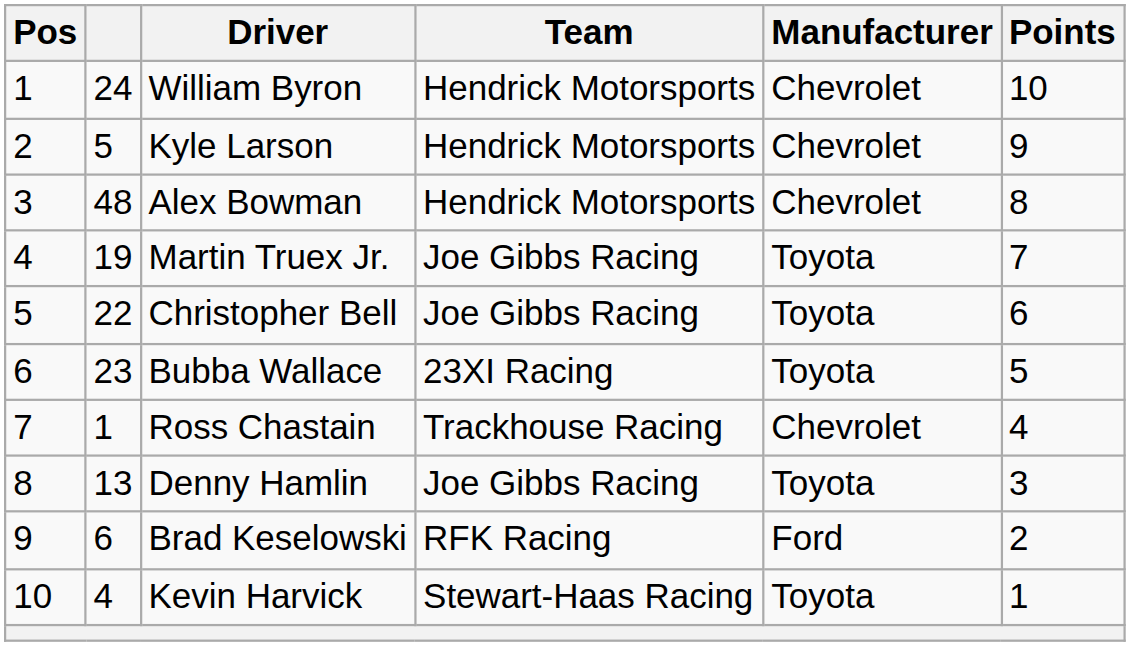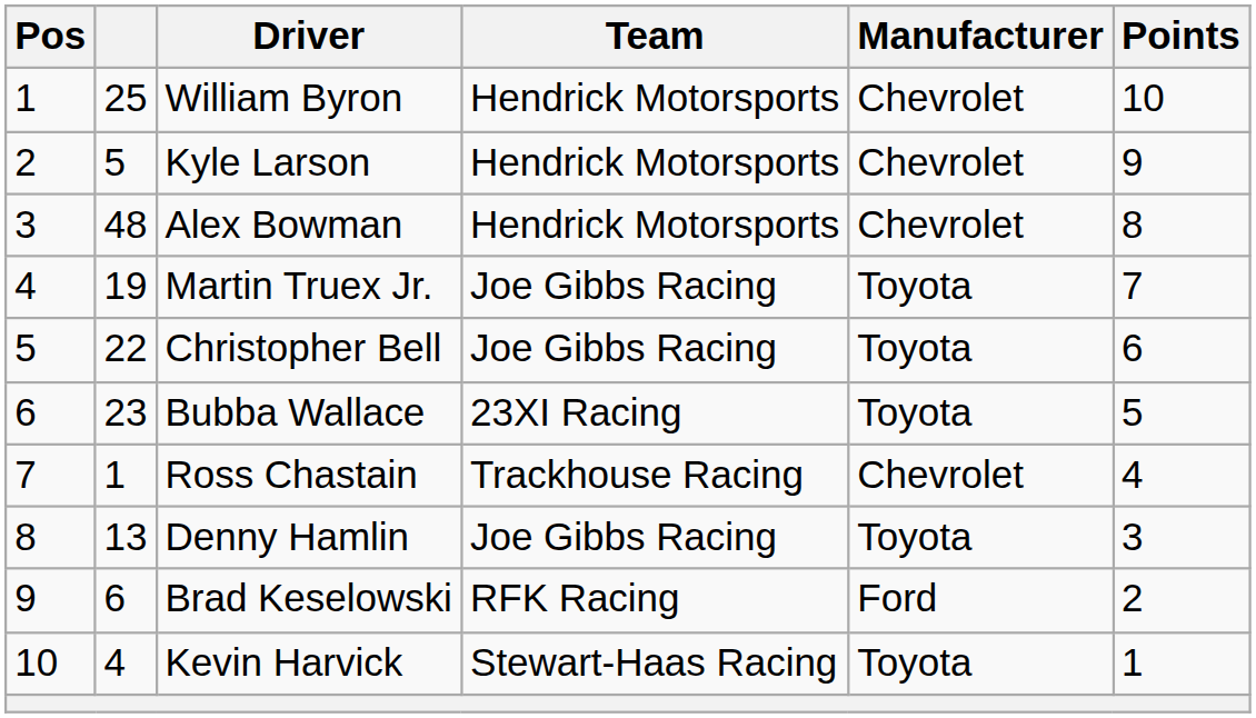 <table class="wikitable" style="font-size:98%">
 <tr>
 <th>Pos</th>
 <th></th>
 <th>Driver</th>
 <th>Team</th>
 <th>Manufacturer</th>
 <th>Points</th>
 </tr>
 <tr>
 <td>1</td>
-<td>24</td>
+<td>25</td>
 <td>William Byron</td>
 <td>Hendrick Motorsports</td>
 <td>Chevrolet</td>
 <td>10</td>
 </tr>
 <tr>
 <td>2</td>
 <td>5</td>
 <td>Kyle Larson</td>
 <td>Hendrick Motorsports</td>
 <td>Chevrolet</td>
 <td>9</td>
 </tr>
 <tr>
 <td>3</td>
 <td>48</td>
 <td>Alex Bowman</td>
 <td>Hendrick Motorsports</td>
 <td>Chevrolet</td>
 <td>8</td>
 </tr>
 <tr>
 <td>4</td>
 <td>19</td>
 <td>Martin Truex Jr.</td>
 <td>Joe Gibbs Racing</td>
 <td>Toyota</td>
 <td>7</td>
 </tr>
 <tr>
 <td>5</td>
 <td>22</td>
 <td>Christopher Bell</td>
 <td>Joe Gibbs Racing</td>
 <td>Toyota</td>
 <td>6</td>
 </tr>
 <tr>
 <td>6</td>
 <td>23</td>
 <td>Bubba Wallace</td>
 <td>23XI Racing</td>
 <td>Toyota</td>
 <td>5</td>
 </tr>
 <tr>
 <td>7</td>
 <td>1</td>
 <td>Ross Chastain</td>
 <td>Trackhouse Racing</td>
 <td>Chevrolet</td>
 <td>4</td>
 </tr>
 <tr>
 <td>8</td>
 <td>13</td>
 <td>Denny Hamlin</td>
 <td>Joe Gibbs Racing</td>
 <td>Toyota</td>
 <td>3</td>
 </tr>
 <tr>
 <td>9</td>
 <td>6</td>
 <td>Brad Keselowski</td>
 <td>RFK Racing</td>
 <td>Ford</td>
 <td>2</td>
 </tr>
 <tr>
 <td>10</td>
 <td>4</td>
 <td>Kevin Harvick</td>
 <td>Stewart-Haas Racing</td>
 <td>Toyota</td>
 <td>1</td>
 </tr>
 <tr>
 <th colspan="6"></th>
 </tr>
 </table>
